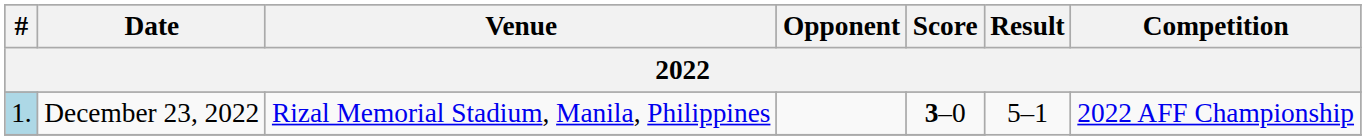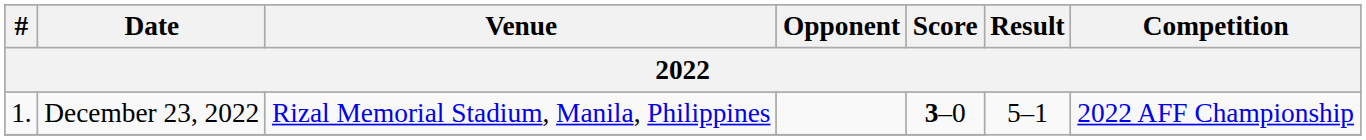 <table class="wikitable">
 <tr>
 <th>#</th>
 <th>Date</th>
 <th>Venue</th>
 <th>Opponent</th>
 <th>Score</th>
 <th>Result</th>
 <th>Competition</th>
 </tr>
 <tr>
 <th colspan="7">2022</th>
 </tr>
 <tr>
-<td style="background: lightblue;">1.</td>
+<td>1.</td>
 <td>December 23, 2022</td>
 <td><a href='#'>Rizal Memorial Stadium</a>, <a href='#'>Manila</a>, <a href='#'>Philippines</a></td>
 <td></td>
 <td align=center><strong>3</strong>–0</td>
 <td rowspan=2 align=center>5–1</td>
 <td><a href='#'>2022 AFF Championship</a></td>
 </tr>
 <tr>
 </tr>
 </table>
